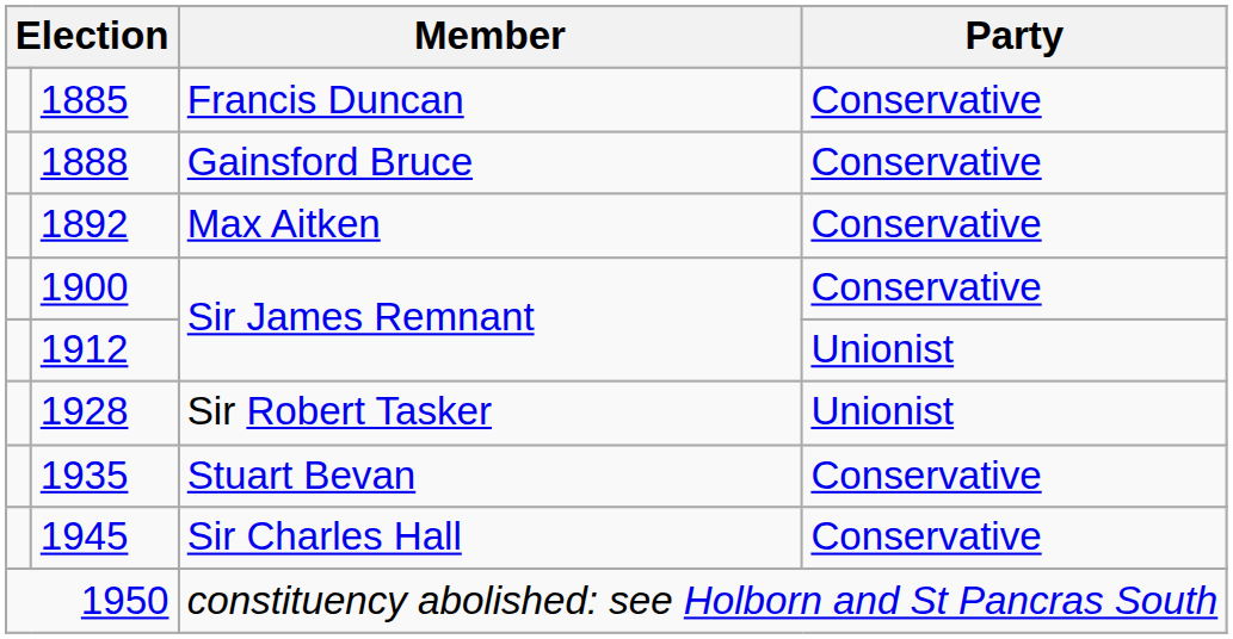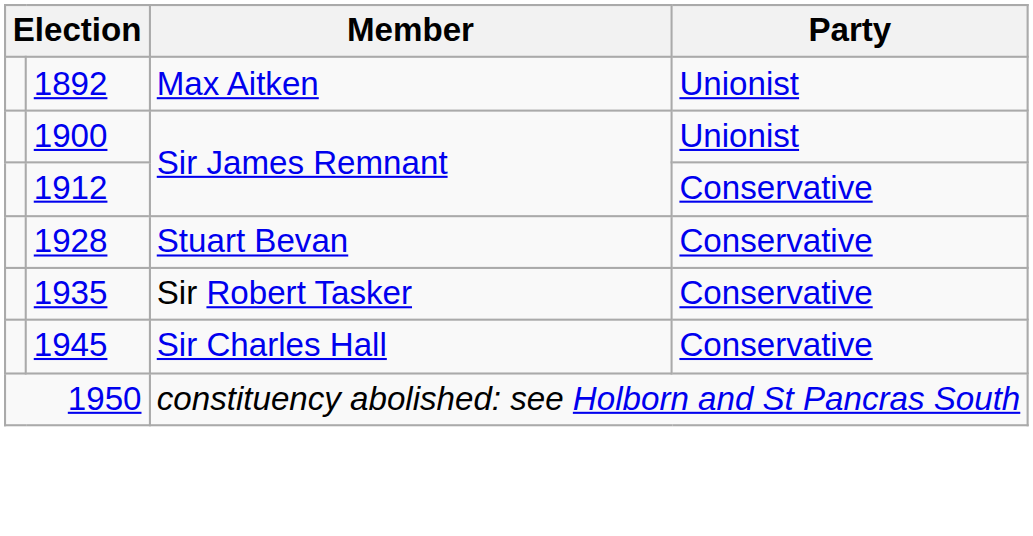 <table class="wikitable">
 <tr>
 <th colspan="2">Election</th>
 <th>Member</th>
 <th>Party</th>
 </tr>
 <tr>
 <td style="color:inherit;background-color: "></td>
-<td><a href='#'>1885</a></td>
-<td><a href='#'>Francis Duncan</a></td>
-<td><a href='#'>Conservative</a></td>
-</tr>
-<tr>
-<td style="color:inherit;background-color: "></td>
-<td><a href='#'>1888</a></td>
-<td><a href='#'>Gainsford Bruce</a></td>
-<td><a href='#'>Conservative</a></td>
-</tr>
-<tr>
-<td style="color:inherit;background-color: "></td>
 <td><a href='#'>1892</a></td>
 <td><a href='#'>Max Aitken</a></td>
-<td><a href='#'>Conservative</a></td>
+<td><a href='#'>Unionist</a></td>
 </tr>
 <tr>
 <td style="color:inherit;background-color: "></td>
 <td><a href='#'>1900</a></td>
 <td rowspan="2"><a href='#'>Sir James Remnant</a></td>
+<td><a href='#'>Unionist</a></td>
+</tr>
+<tr>
+<td style="color:inherit;background-color: "></td>
+<td><a href='#'>1912</a></td>
 <td><a href='#'>Conservative</a></td>
 </tr>
 <tr>
 <td style="color:inherit;background-color: "></td>
-<td><a href='#'>1912</a></td>
-<td><a href='#'>Unionist</a></td>
-</tr>
-<tr>
-<td style="color:inherit;background-color: "></td>
 <td><a href='#'>1928</a></td>
-<td>Sir <a href='#'>Robert Tasker</a></td>
-<td><a href='#'>Unionist</a></td>
+<td><a href='#'>Stuart Bevan</a></td>
+<td><a href='#'>Conservative</a></td>
 </tr>
 <tr>
 <td style="color:inherit;background-color: "></td>
 <td><a href='#'>1935</a></td>
-<td><a href='#'>Stuart Bevan</a></td>
+<td>Sir <a href='#'>Robert Tasker</a></td>
 <td><a href='#'>Conservative</a></td>
 </tr>
 <tr>
 <td style="color:inherit;background-color: "></td>
 <td><a href='#'>1945</a></td>
 <td><a href='#'>Sir Charles Hall</a></td>
 <td><a href='#'>Conservative</a></td>
 </tr>
 <tr>
 <td colspan="2" align="right"><a href='#'>1950</a></td>
 <td colspan="2"><em>constituency abolished: see <a href='#'>Holborn and St Pancras South</a></em></td>
 </tr>
 </table>
